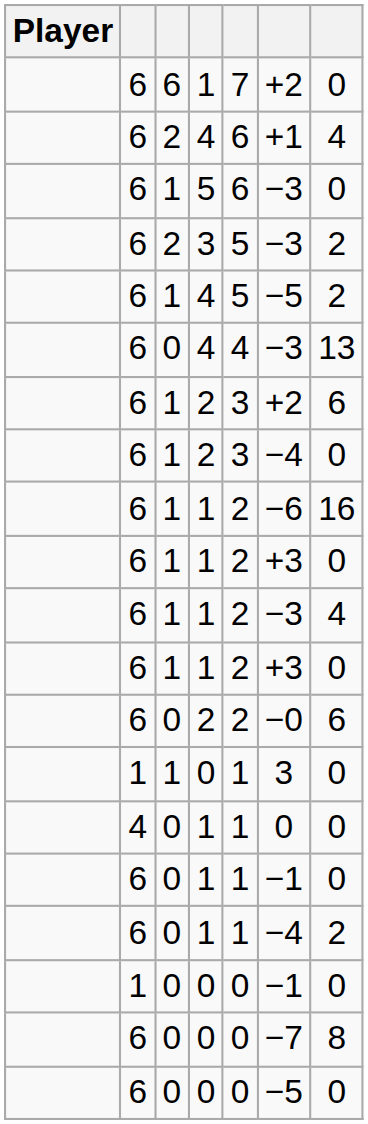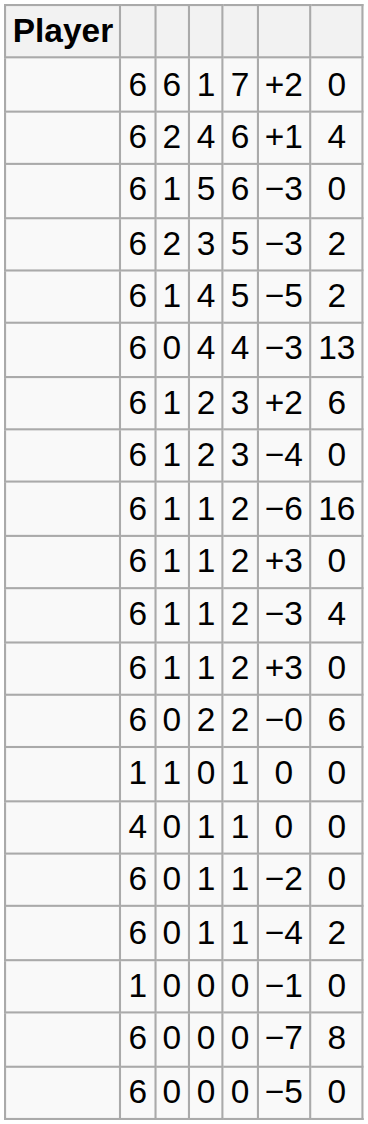 <table class="wikitable sortable" style="text-align:center;">
 <tr>
 <th>Player</th>
 <th></th>
 <th></th>
 <th></th>
 <th></th>
 <th data-sort-type="number"></th>
 <th></th>
 </tr>
 <tr>
 <td></td>
 <td>6</td>
 <td>6</td>
 <td>1</td>
 <td>7</td>
 <td>+2</td>
 <td>0</td>
 </tr>
 <tr>
 <td></td>
 <td>6</td>
 <td>2</td>
 <td>4</td>
 <td>6</td>
 <td>+1</td>
 <td>4</td>
 </tr>
 <tr>
 <td></td>
 <td>6</td>
 <td>1</td>
 <td>5</td>
 <td>6</td>
 <td>−3</td>
 <td>0</td>
 </tr>
 <tr>
 <td></td>
 <td>6</td>
 <td>2</td>
 <td>3</td>
 <td>5</td>
 <td>−3</td>
 <td>2</td>
 </tr>
 <tr>
 <td></td>
 <td>6</td>
 <td>1</td>
 <td>4</td>
 <td>5</td>
 <td>−5</td>
 <td>2</td>
 </tr>
 <tr>
 <td></td>
 <td>6</td>
 <td>0</td>
 <td>4</td>
 <td>4</td>
 <td>−3</td>
 <td>13</td>
 </tr>
 <tr>
 <td></td>
 <td>6</td>
 <td>1</td>
 <td>2</td>
 <td>3</td>
 <td>+2</td>
 <td>6</td>
 </tr>
 <tr>
 <td></td>
 <td>6</td>
 <td>1</td>
 <td>2</td>
 <td>3</td>
 <td>−4</td>
 <td>0</td>
 </tr>
 <tr>
 <td></td>
 <td>6</td>
 <td>1</td>
 <td>1</td>
 <td>2</td>
 <td>−6</td>
 <td>16</td>
 </tr>
 <tr>
 <td></td>
 <td>6</td>
 <td>1</td>
 <td>1</td>
 <td>2</td>
 <td>+3</td>
 <td>0</td>
 </tr>
 <tr>
 <td></td>
 <td>6</td>
 <td>1</td>
 <td>1</td>
 <td>2</td>
 <td>−3</td>
 <td>4</td>
 </tr>
 <tr>
 <td></td>
 <td>6</td>
 <td>1</td>
 <td>1</td>
 <td>2</td>
 <td>+3</td>
 <td>0</td>
 </tr>
 <tr>
 <td></td>
 <td>6</td>
 <td>0</td>
 <td>2</td>
 <td>2</td>
 <td>−0</td>
 <td>6</td>
 </tr>
 <tr>
 <td></td>
 <td>1</td>
 <td>1</td>
 <td>0</td>
 <td>1</td>
-<td>3</td>
+<td>0</td>
 <td>0</td>
 </tr>
 <tr>
 <td></td>
 <td>4</td>
 <td>0</td>
 <td>1</td>
 <td>1</td>
 <td>0</td>
 <td>0</td>
 </tr>
 <tr>
 <td></td>
 <td>6</td>
 <td>0</td>
 <td>1</td>
 <td>1</td>
-<td>−1</td>
+<td>−2</td>
 <td>0</td>
 </tr>
 <tr>
 <td></td>
 <td>6</td>
 <td>0</td>
 <td>1</td>
 <td>1</td>
 <td>−4</td>
 <td>2</td>
 </tr>
 <tr>
 <td></td>
 <td>1</td>
 <td>0</td>
 <td>0</td>
 <td>0</td>
 <td>−1</td>
 <td>0</td>
 </tr>
 <tr>
 <td></td>
 <td>6</td>
 <td>0</td>
 <td>0</td>
 <td>0</td>
 <td>−7</td>
 <td>8</td>
 </tr>
 <tr>
 <td></td>
 <td>6</td>
 <td>0</td>
 <td>0</td>
 <td>0</td>
 <td>−5</td>
 <td>0</td>
 </tr>
 <tr>
 </tr>
 </table>
